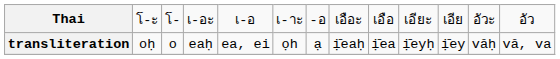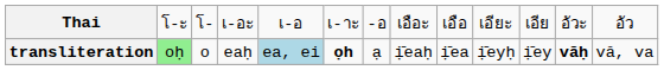 <table class="wikitable" style="text-align: center">
 <tr>
 <th>Thai</th>
 <td>โ-ะ</td>
 <td>โ-</td>
 <td>เ-อะ</td>
 <td>เ-อ</td>
 <td>เ-าะ</td>
 <td>-อ</td>
 <td>เอือะ</td>
 <td>เอือ</td>
 <td>เอียะ</td>
 <td>เอีย</td>
 <td>อัวะ</td>
 <td>อัว</td>
 </tr>
 <tr>
 <th>transliteration</th>
-<td>oḥ</td>
+<td style="background: lightgreen;">oḥ</td>
 <td>o</td>
 <td>eaḥ</td>
-<td>ea, ei</td>
-<td>ọh</td>
+<td style="background: lightblue;">ea, ei</td>
+<td><strong>ọh</strong></td>
 <td>ạ</td>
 <td>ị̄eaḥ</td>
 <td>ị̄ea</td>
 <td>ị̄eyḥ</td>
 <td>ị̄ey</td>
-<td>văḥ</td>
+<td><strong>văḥ</strong></td>
 <td>vă, va</td>
 </tr>
 <tr>
 </tr>
 </table>
